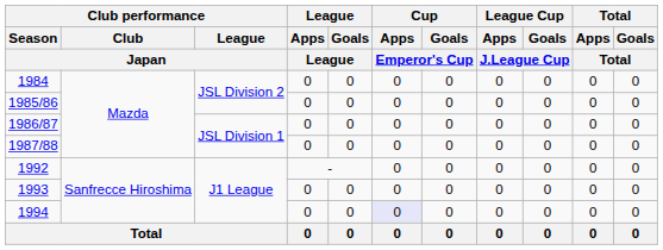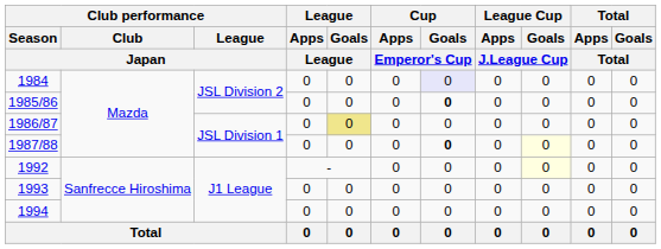 <table class="wikitable" style="text-align:center;">
 <tr>
 <th colspan=3>Club performance</th>
 <th colspan=2>League</th>
 <th colspan=2>Cup</th>
 <th colspan=2>League Cup</th>
 <th colspan=2>Total</th>
 </tr>
 <tr>
 <th>Season</th>
 <th>Club</th>
 <th>League</th>
 <th>Apps</th>
 <th>Goals</th>
 <th>Apps</th>
 <th>Goals</th>
 <th>Apps</th>
 <th>Goals</th>
 <th>Apps</th>
 <th>Goals</th>
 </tr>
 <tr>
 <th colspan=3>Japan</th>
 <th colspan=2>League</th>
 <th colspan=2><a href='#'>Emperor's Cup</a></th>
 <th colspan=2><a href='#'>J.League Cup</a></th>
 <th colspan=2>Total</th>
 </tr>
 <tr>
 <td><a href='#'>1984</a></td>
 <td rowspan="4"><a href='#'>Mazda</a></td>
 <td rowspan="2"><a href='#'>JSL Division 2</a></td>
 <td>0</td>
 <td>0</td>
 <td>0</td>
-<td>0</td>
+<td style="background: lavender;">0</td>
 <td>0</td>
 <td>0</td>
 <td>0</td>
 <td>0</td>
 </tr>
 <tr>
 <td><a href='#'>1985/86</a></td>
 <td>0</td>
 <td>0</td>
 <td>0</td>
-<td>0</td>
+<td><strong>0</strong></td>
 <td>0</td>
 <td>0</td>
 <td>0</td>
 <td>0</td>
 </tr>
 <tr>
 <td><a href='#'>1986/87</a></td>
 <td rowspan="2"><a href='#'>JSL Division 1</a></td>
 <td>0</td>
-<td>0</td>
+<td style="background: khaki;">0</td>
 <td>0</td>
 <td>0</td>
 <td>0</td>
 <td>0</td>
 <td>0</td>
 <td>0</td>
 </tr>
 <tr>
 <td><a href='#'>1987/88</a></td>
 <td>0</td>
 <td>0</td>
 <td>0</td>
+<td><strong>0</strong></td>
 <td>0</td>
-<td>0</td>
-<td>0</td>
+<td style="background: lightyellow;">0</td>
 <td>0</td>
 <td>0</td>
 </tr>
 <tr>
 <td><a href='#'>1992</a></td>
 <td rowspan="3"><a href='#'>Sanfrecce Hiroshima</a></td>
 <td rowspan="3"><a href='#'>J1 League</a></td>
 <td colspan="2">-</td>
 <td>0</td>
 <td>0</td>
 <td>0</td>
-<td>0</td>
+<td style="background: lightyellow;">0</td>
 <td>0</td>
 <td>0</td>
 </tr>
 <tr>
 <td><a href='#'>1993</a></td>
 <td>0</td>
 <td>0</td>
 <td>0</td>
 <td>0</td>
 <td>0</td>
 <td>0</td>
 <td>0</td>
 <td>0</td>
 </tr>
 <tr>
 <td><a href='#'>1994</a></td>
 <td>0</td>
 <td>0</td>
-<td style="background: lavender;">0</td>
+<td>0</td>
 <td>0</td>
 <td>0</td>
 <td>0</td>
 <td>0</td>
 <td>0</td>
 </tr>
 <tr>
 <th colspan=3>Total</th>
 <th>0</th>
 <th>0</th>
 <th>0</th>
 <th>0</th>
 <th>0</th>
 <th>0</th>
 <th>0</th>
 <th>0</th>
 </tr>
 </table>
